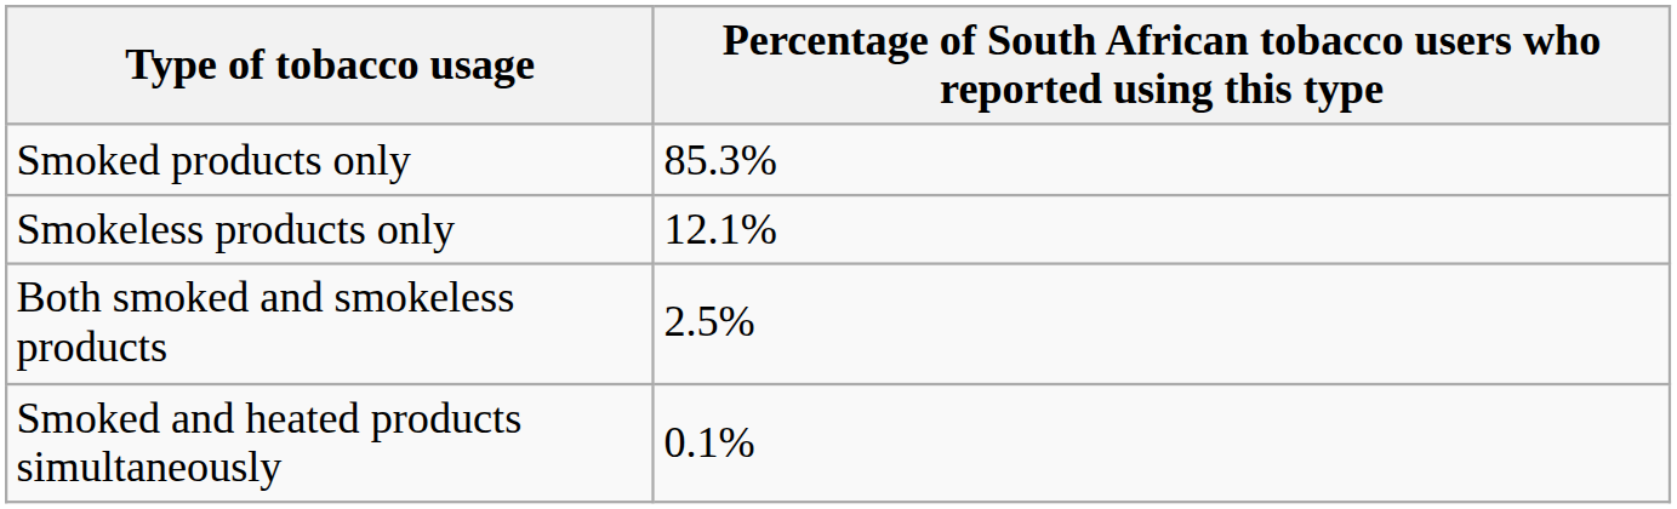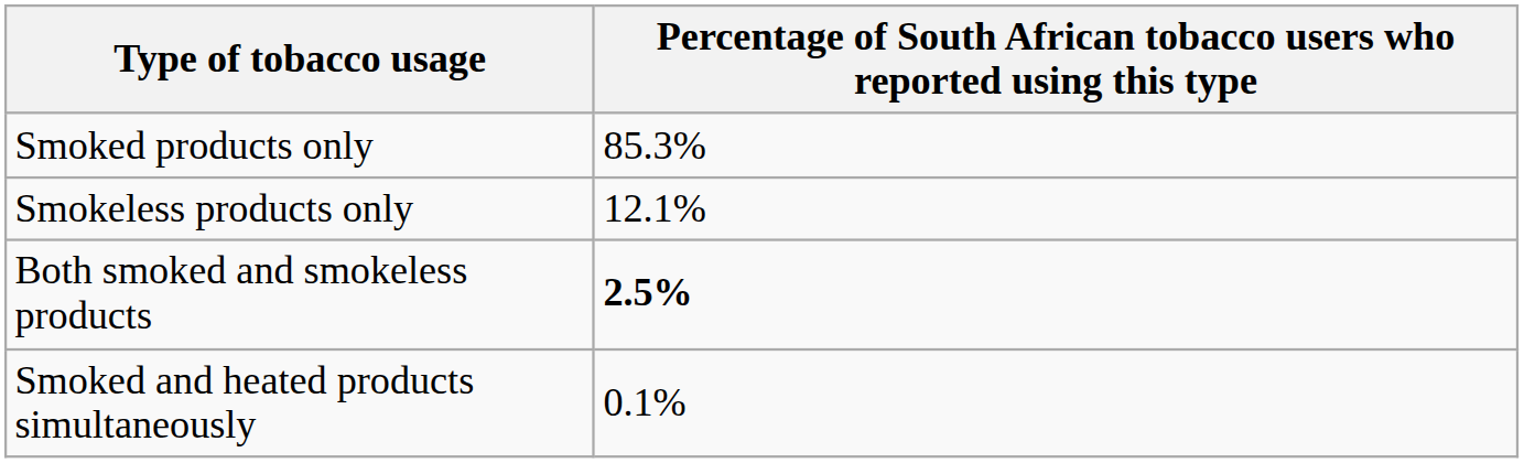 <table class= "wikitable sortable collapsible">
 <tr>
 <th>Type of tobacco usage</th>
 <th>Percentage of South African tobacco users who reported using this type</th>
 </tr>
 <tr>
 <td>Smoked products only</td>
 <td>85.3%</td>
 </tr>
 <tr>
 <td>Smokeless products only</td>
 <td>12.1%</td>
 </tr>
 <tr>
 <td>Both smoked and smokeless products</td>
-<td>2.5%</td>
+<td><strong>2.5%</strong></td>
 </tr>
 <tr>
 <td>Smoked and heated products simultaneously</td>
 <td>0.1%</td>
 </tr>
 </table>
